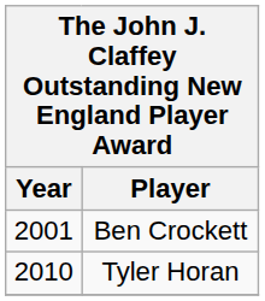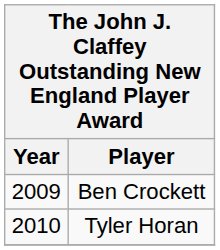 <table class="wikitable" style="display: inline-table; margin-right: 20px; text-align:center">
 <tr>
 <th scope="col" colspan="2" style="width: 145px;">The John J. Claffey Outstanding New England Player Award</th>
 </tr>
 <tr>
 <th scope="col">Year</th>
 <th scope="col">Player</th>
 </tr>
 <tr>
-<td>2001</td>
+<td>2009</td>
 <td>Ben Crockett</td>
 </tr>
 <tr>
 <td>2010</td>
 <td>Tyler Horan</td>
 </tr>
 <tr>
 </tr>
 </table>
